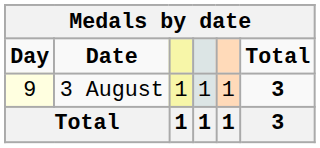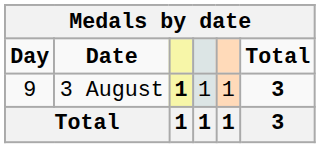 <table class="wikitable" style="font-size:85%; text-align:center;">
 <tr style="background:#efefef;">
 <th colspan=6><strong>Medals by date</strong></th>
 </tr>
 <tr>
 <td><strong>Day</strong></td>
 <td><strong>Date</strong></td>
 <td style="background:#F7F6A8;"></td>
 <td style="background:#DCE5E5;"></td>
 <td style="background:#FFDAB9;"></td>
 <td><strong>Total</strong></td>
 </tr>
 <tr>
-<td style="background: lightyellow;">9</td>
+<td>9</td>
 <td>3 August</td>
-<td style="background:#F7F6A8;">1</td>
+<td style="background:#F7F6A8;"><strong>1</strong></td>
 <td style="background:#DCE5E5;">1</td>
 <td style="background:#FFDAB9;">1</td>
 <td><strong>3</strong></td>
 </tr>
 <tr>
 <th colspan="2">Total</th>
 <th>1</th>
 <th>1</th>
 <th>1</th>
 <th>3</th>
 </tr>
 </table>
